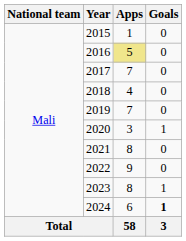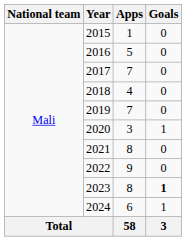 <table class="wikitable" style="text-align:center">
 <tr>
 <th>National team</th>
 <th>Year</th>
 <th>Apps</th>
 <th>Goals</th>
 </tr>
 <tr>
 <td rowspan="10"><a href='#'>Mali</a></td>
 <td>2015</td>
 <td>1</td>
 <td>0</td>
 </tr>
 <tr>
 <td>2016</td>
-<td style="background: khaki;">5</td>
+<td>5</td>
 <td>0</td>
 </tr>
 <tr>
 <td>2017</td>
 <td>7</td>
 <td>0</td>
 </tr>
 <tr>
 <td>2018</td>
 <td>4</td>
 <td>0</td>
 </tr>
 <tr>
 <td>2019</td>
 <td>7</td>
 <td>0</td>
 </tr>
 <tr>
 <td>2020</td>
 <td>3</td>
 <td>1</td>
 </tr>
 <tr>
 <td>2021</td>
 <td>8</td>
 <td>0</td>
 </tr>
 <tr>
 <td>2022</td>
 <td>9</td>
 <td>0</td>
 </tr>
 <tr>
 <td>2023</td>
 <td>8</td>
-<td>1</td>
+<td><strong>1</strong></td>
 </tr>
 <tr>
 <td>2024</td>
 <td>6</td>
-<td><strong>1</strong></td>
+<td>1</td>
 </tr>
 <tr>
 <th colspan="2">Total</th>
 <th>58</th>
 <th>3</th>
 </tr>
 </table>
